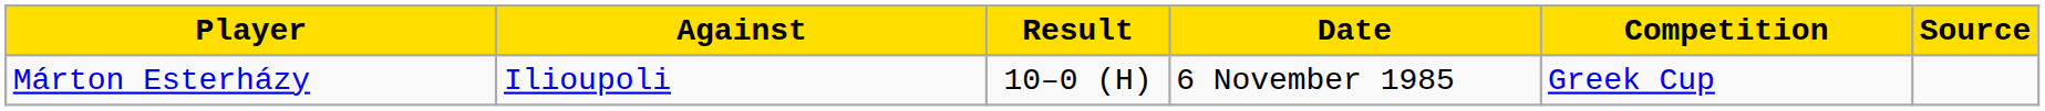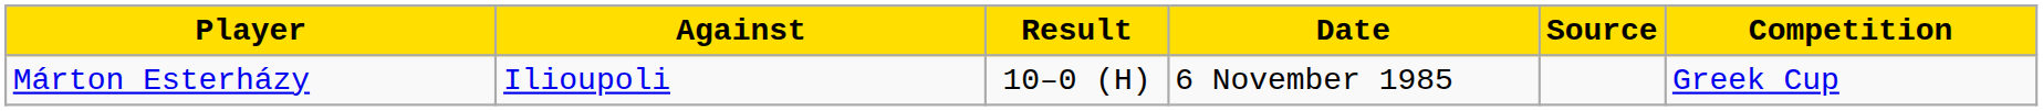 <table class="wikitable">
 <tr>
 <th width=200 style="background:#FFDE00">Player</th>
 <th width=200 style="background:#FFDE00">Against</th>
 <th width=70 style="background:#FFDE00">Result</th>
 <th width=150 style="background:#FFDE00">Date</th>
+<th style="background:#FFDE00">Source</th>
 <th width=150 style="background:#FFDE00">Competition</th>
-<th style="background:#FFDE00">Source</th>
 </tr>
 <tr>
 <td> <a href='#'>Márton Esterházy</a></td>
 <td> <a href='#'>Ilioupoli</a></td>
 <td align=center>10–0 (H)</td>
 <td>6 November 1985</td>
+<td align=center></td>
 <td><a href='#'>Greek Cup</a></td>
-<td align=center></td>
 </tr>
 </table>
